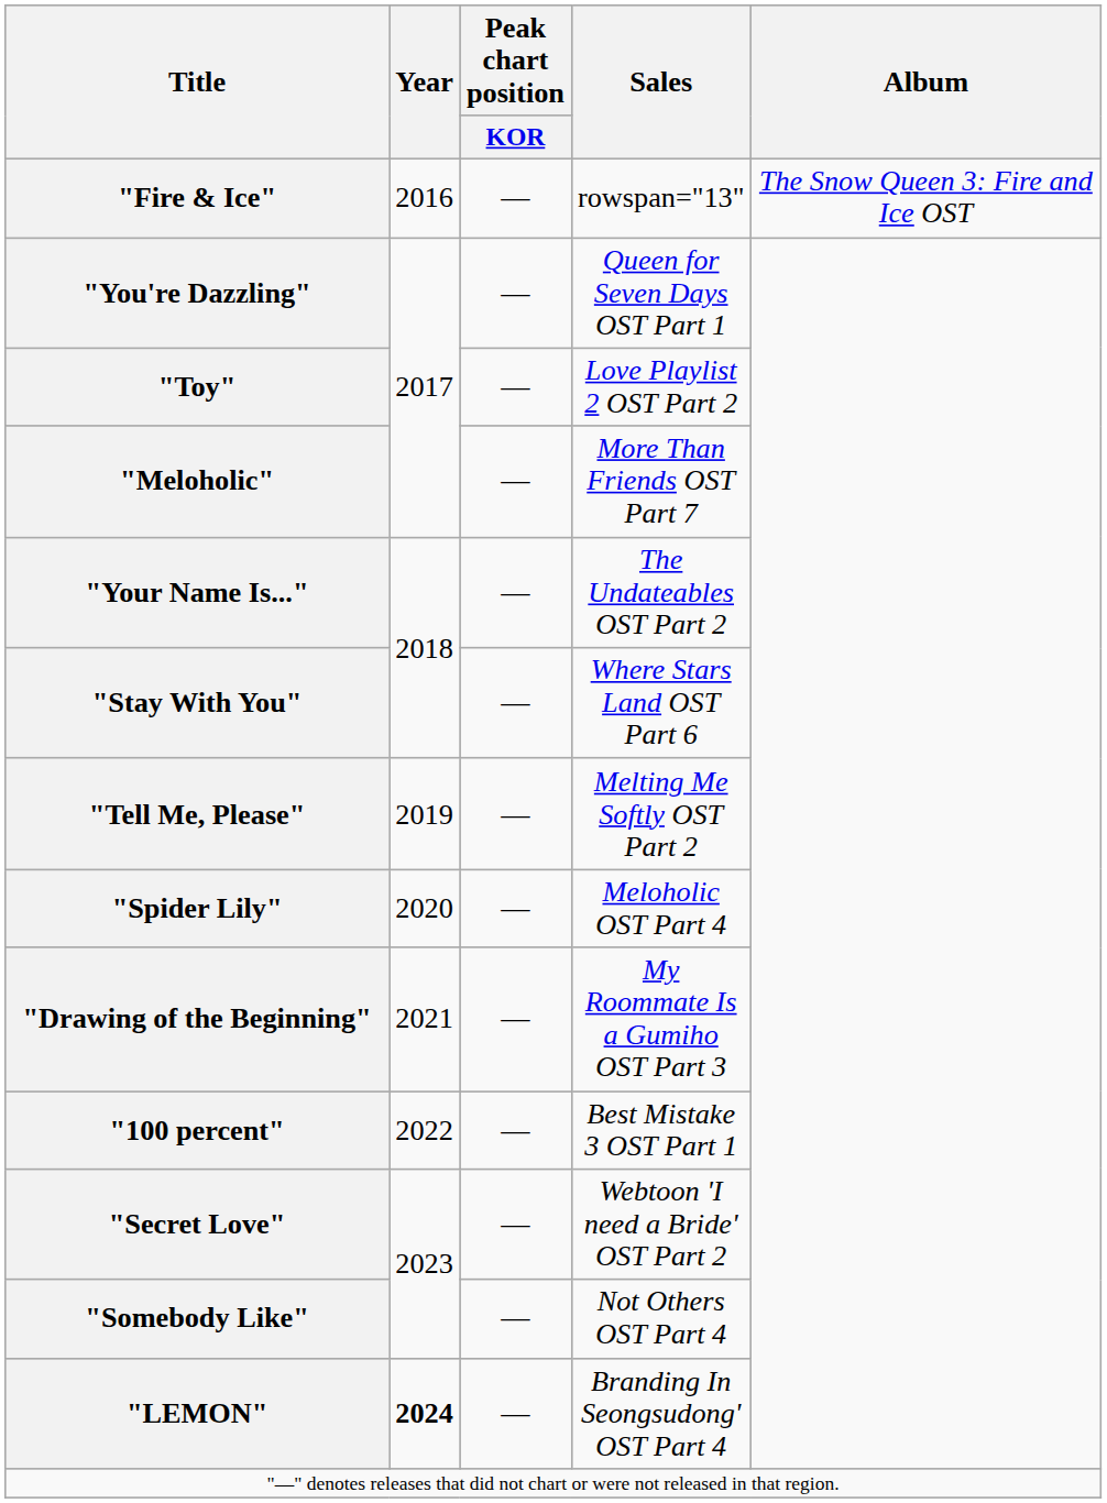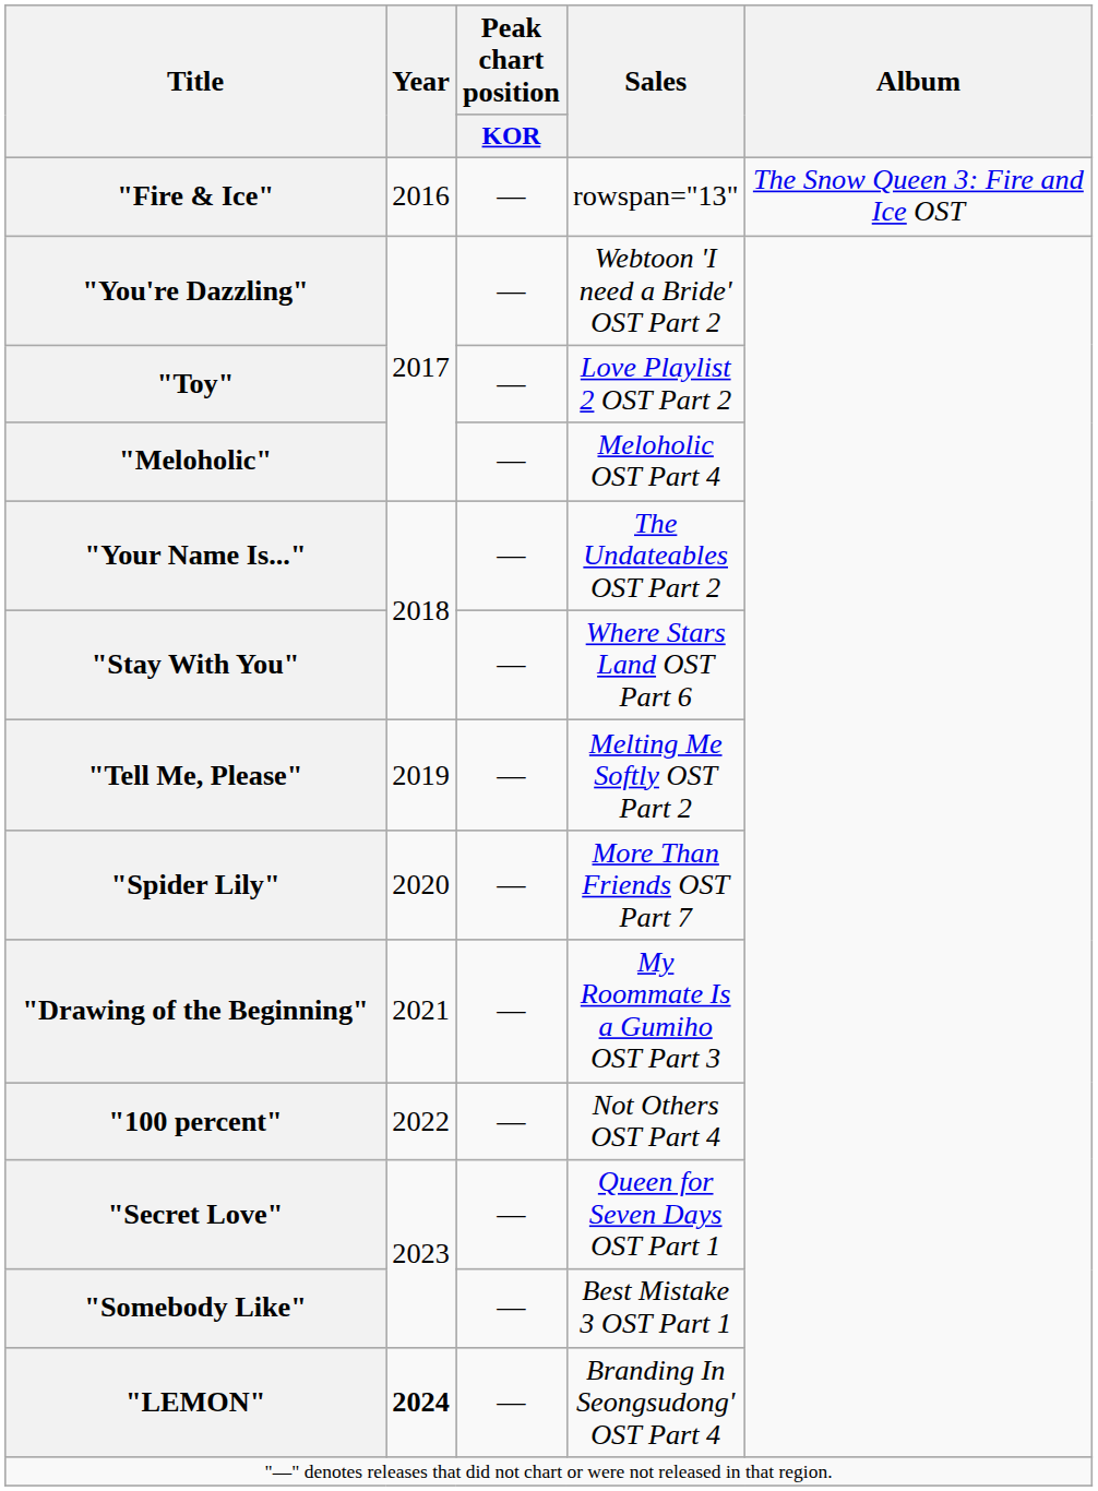 <table class="wikitable plainrowheaders" style="text-align:center">
 <tr>
 <th scope="col" rowspan="2" style="width:20em;">Title</th>
 <th scope="col" rowspan="2">Year</th>
 <th scope="col">Peak chart position</th>
 <th scope="col" rowspan="2">Sales</th>
 <th scope="col" rowspan="2" style="width:20em;">Album</th>
 </tr>
 <tr>
 <th style="width:3em;font-size:90%"><a href='#'>KOR</a><br></th>
 </tr>
 <tr>
 <th scope="row">"Fire & Ice" <br></th>
 <td>2016</td>
 <td>—</td>
 <td>rowspan="13" </td>
 <td><em><a href='#'>The Snow Queen 3: Fire and Ice</a> OST</em></td>
 </tr>
 <tr>
 <th scope="row">"You're Dazzling" </th>
 <td rowspan="3">2017</td>
 <td>—</td>
-<td><em><a href='#'>Queen for Seven Days</a> OST Part 1</em></td>
+<td><em>Webtoon 'I need a Bride' OST Part 2</em></td>
 </tr>
 <tr>
 <th scope="row">"Toy" <br></th>
 <td>—</td>
 <td><em><a href='#'>Love Playlist 2</a> OST Part 2</em></td>
 </tr>
 <tr>
 <th scope="row">"Meloholic" </th>
 <td>—</td>
-<td><em><a href='#'>More Than Friends</a> OST Part 7</em></td>
+<td><em><a href='#'>Meloholic</a> OST Part 4</em></td>
 </tr>
 <tr>
 <th scope="row">"Your Name Is..." </th>
 <td rowspan="2">2018</td>
 <td>—</td>
 <td><em><a href='#'>The Undateables</a> OST Part 2</em></td>
 </tr>
 <tr>
 <th scope="row">"Stay With You" </th>
 <td>—</td>
 <td><em><a href='#'>Where Stars Land</a> OST Part 6</em></td>
 </tr>
 <tr>
 <th scope="row">"Tell Me, Please" </th>
 <td>2019</td>
 <td>—</td>
 <td><em><a href='#'>Melting Me Softly</a> OST Part 2</em></td>
 </tr>
 <tr>
 <th scope="row">"Spider Lily" </th>
 <td>2020</td>
 <td>—</td>
-<td><em><a href='#'>Meloholic</a> OST Part 4</em></td>
+<td><em><a href='#'>More Than Friends</a> OST Part 7</em></td>
 </tr>
 <tr>
 <th scope="row">"Drawing of the Beginning" </th>
 <td>2021</td>
 <td>—</td>
 <td><em><a href='#'>My Roommate Is a Gumiho</a> OST Part 3</em></td>
 </tr>
 <tr>
 <th scope="row">"100 percent" <br></th>
 <td>2022</td>
 <td>—</td>
-<td><em>Best Mistake 3 OST Part 1</em></td>
+<td><em>Not Others OST Part 4</em></td>
 </tr>
 <tr>
 <th scope="row">"Secret Love"</th>
 <td rowspan="2">2023</td>
 <td>—</td>
-<td><em>Webtoon 'I need a Bride' OST Part 2</em></td>
+<td><em><a href='#'>Queen for Seven Days</a> OST Part 1</em></td>
 </tr>
 <tr>
 <th scope="row">"Somebody Like"</th>
 <td>—</td>
-<td><em>Not Others OST Part 4</em></td>
+<td><em>Best Mistake 3 OST Part 1</em></td>
 </tr>
 <tr>
 <th scope="row">"LEMON"</th>
 <td><strong>2024</strong></td>
 <td>—</td>
 <td><em>Branding In Seongsudong' OST Part 4</em></td>
 </tr>
 <tr>
 <td colspan="5" style="font-size:8pt">"—" denotes releases that did not chart or were not released in that region.</td>
 </tr>
 </table>
